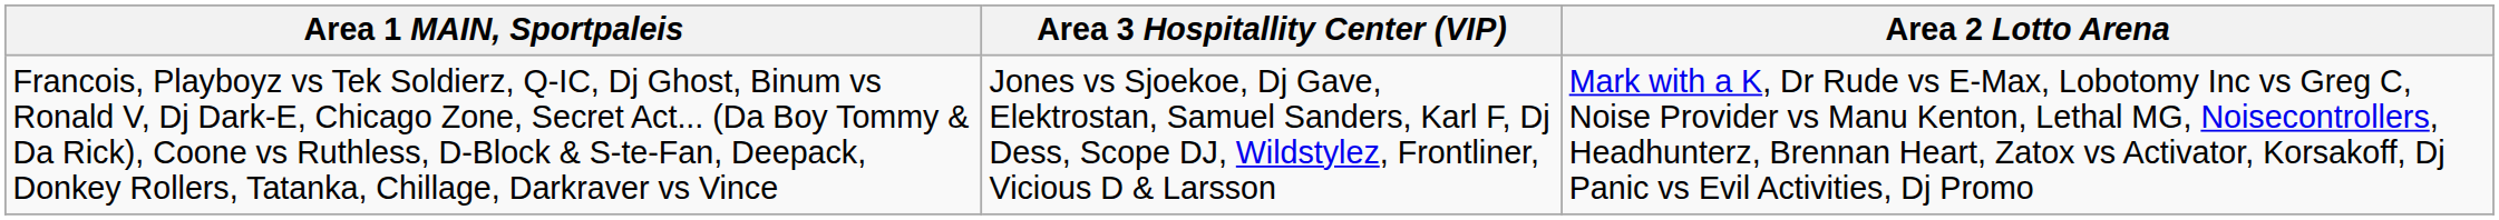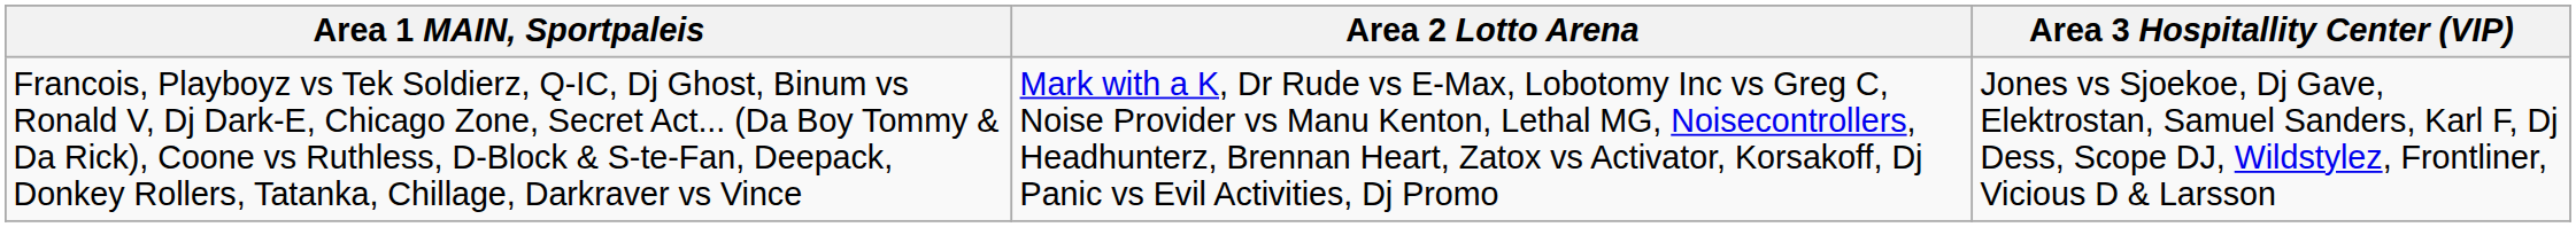 <table class="wikitable">
 <tr>
 <th><strong>Area 1</strong> <em>MAIN, Sportpaleis</em></th>
+<th><strong>Area 2</strong> <em>Lotto Arena</em></th>
 <th><strong>Area 3</strong> <em>Hospitallity Center (VIP)</em></th>
-<th><strong>Area 2</strong> <em>Lotto Arena</em></th>
 </tr>
 <tr>
 <td>Francois, Playboyz vs Tek Soldierz, Q-IC, Dj Ghost, Binum vs Ronald V, Dj Dark-E, Chicago Zone, Secret Act... (Da Boy Tommy & Da Rick), Coone vs Ruthless, D-Block & S-te-Fan, Deepack, Donkey Rollers, Tatanka, Chillage, Darkraver vs Vince</td>
+<td><a href='#'>Mark with a K</a>, Dr Rude vs E-Max, Lobotomy Inc vs Greg C, Noise Provider vs Manu Kenton, Lethal MG, <a href='#'>Noisecontrollers</a>, Headhunterz, Brennan Heart, Zatox vs Activator, Korsakoff, Dj Panic vs Evil Activities, Dj Promo</td>
 <td>Jones vs Sjoekoe, Dj Gave, Elektrostan, Samuel Sanders, Karl F, Dj Dess, Scope DJ, <a href='#'>Wildstylez</a>, Frontliner, Vicious D & Larsson</td>
-<td><a href='#'>Mark with a K</a>, Dr Rude vs E-Max, Lobotomy Inc vs Greg C, Noise Provider vs Manu Kenton, Lethal MG, <a href='#'>Noisecontrollers</a>, Headhunterz, Brennan Heart, Zatox vs Activator, Korsakoff, Dj Panic vs Evil Activities, Dj Promo</td>
 </tr>
 </table>
